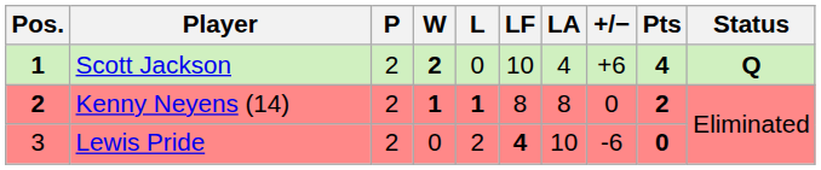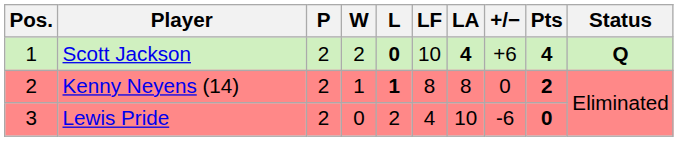 <table class="wikitable" style="text-align:center; margin: 1em auto 1em auto, align:left">
 <tr>
 <th width=20>Pos.</th>
 <th width=185>Player</th>
 <th width=20>P</th>
 <th width=20>W</th>
 <th width=20>L</th>
 <th width=20>LF</th>
 <th width=20>LA</th>
 <th width=25>+/−</th>
 <th width=20>Pts</th>
 <th width=70>Status</th>
 </tr>
 <tr style="background:#D0F0C0;">
-<td><strong>1</strong></td>
+<td>1</td>
 <td align=left> <a href='#'>Scott Jackson</a></td>
 <td>2</td>
-<td><strong>2</strong></td>
-<td>0</td>
+<td>2</td>
+<td><strong>0</strong></td>
 <td>10</td>
-<td>4</td>
+<td><strong>4</strong></td>
 <td>+6</td>
 <td><strong>4</strong></td>
 <td rowspan=1><strong>Q</strong></td>
 </tr>
 <tr style="background:#FF8888;">
-<td><strong>2</strong></td>
+<td>2</td>
 <td align=left> <a href='#'>Kenny Neyens</a> (14)</td>
 <td>2</td>
-<td><strong>1</strong></td>
+<td>1</td>
 <td><strong>1</strong></td>
 <td>8</td>
 <td>8</td>
 <td>0</td>
 <td><strong>2</strong></td>
 <td rowspan=2>Eliminated</td>
 </tr>
 <tr style="background:#FF8888;">
 <td>3</td>
 <td align=left> <a href='#'>Lewis Pride</a></td>
 <td>2</td>
 <td>0</td>
 <td>2</td>
-<td><strong>4</strong></td>
+<td>4</td>
 <td>10</td>
 <td>-6</td>
 <td><strong>0</strong></td>
 </tr>
 </table>
